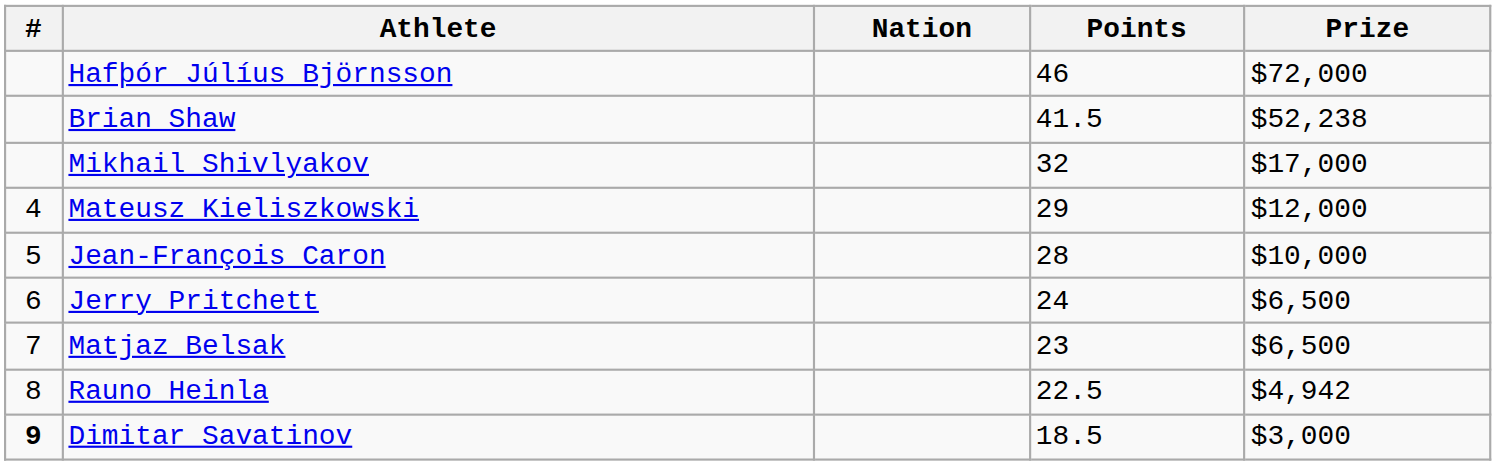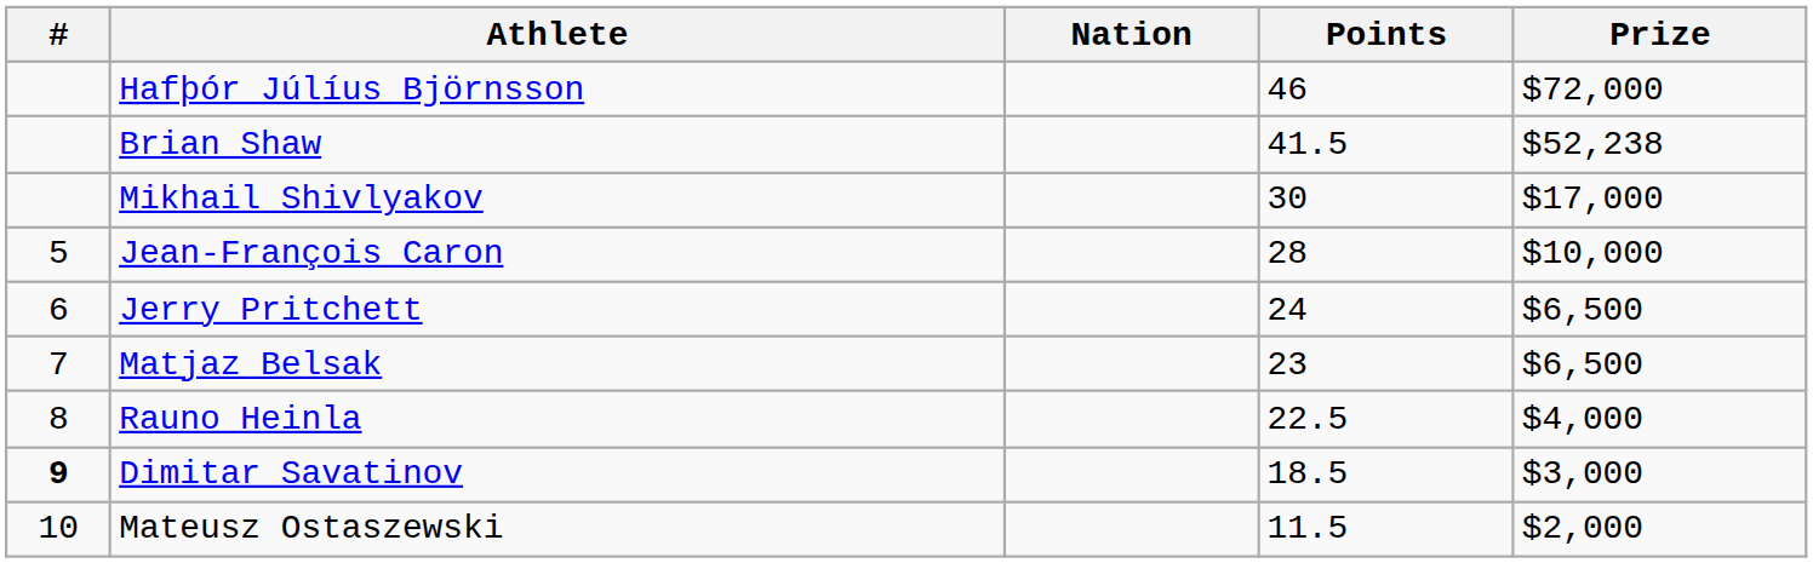 <table class="wikitable" style="display: inline-table;width: 55%;">
 <tr>
 <th scope="col">#</th>
 <th scope="col">Athlete</th>
 <th scope="col">Nation</th>
 <th scope="col">Points</th>
 <th scope="col">Prize</th>
 </tr>
 <tr 30>
 <td align="center"></td>
 <td><a href='#'>Hafþór Júlíus Björnsson</a></td>
 <td></td>
 <td>46</td>
 <td>$72,000</td>
 </tr>
 <tr>
 <td align="center"></td>
 <td><a href='#'>Brian Shaw</a></td>
 <td></td>
 <td>41.5</td>
 <td>$52,238</td>
 </tr>
 <tr>
 <td align="center"></td>
 <td><a href='#'>Mikhail Shivlyakov</a></td>
 <td></td>
-<td>32</td>
+<td>30</td>
 <td>$17,000</td>
-</tr>
-<tr>
-<td align="center">4</td>
-<td><a href='#'>Mateusz Kieliszkowski</a></td>
-<td></td>
-<td>29</td>
-<td>$12,000</td>
 </tr>
 <tr>
 <td align="center">5</td>
 <td><a href='#'>Jean-François Caron</a></td>
 <td></td>
 <td>28</td>
 <td>$10,000</td>
 </tr>
 <tr>
 <td align="center">6</td>
 <td><a href='#'>Jerry Pritchett</a></td>
 <td></td>
 <td>24</td>
 <td>$6,500</td>
 </tr>
 <tr>
 <td align="center">7</td>
 <td><a href='#'>Matjaz Belsak</a></td>
 <td></td>
 <td>23</td>
 <td>$6,500</td>
 </tr>
 <tr>
 <td align="center">8</td>
 <td><a href='#'>Rauno Heinla</a></td>
 <td></td>
 <td>22.5</td>
-<td>$4,942</td>
+<td>$4,000</td>
 </tr>
 <tr>
 <td align="center"><strong>9</strong></td>
 <td><a href='#'>Dimitar Savatinov</a></td>
 <td></td>
 <td>18.5</td>
 <td>$3,000</td>
 </tr>
+<tr>
+<td align="center">10</td>
+<td>Mateusz Ostaszewski</td>
+<td></td>
+<td>11.5</td>
+<td>$2,000</td>
+</tr>
 </table>
